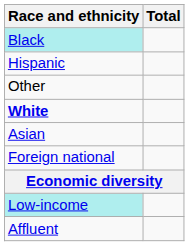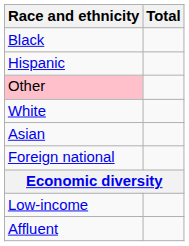 <table class="wikitable floatright sortable collapsible"; text-align:right; font-size:80%;">
 <tr>
 <th>Race and ethnicity</th>
 <th colspan="2" data-sort-type=number>Total</th>
 </tr>
 <tr>
-<td style="background: paleturquoise;"><a href='#'>Black</a></td>
+<td><a href='#'>Black</a></td>
 <td align=right></td>
 </tr>
 <tr>
 <td><a href='#'>Hispanic</a></td>
 <td align=right></td>
 </tr>
 <tr>
-<td>Other</td>
+<td style="background: pink;">Other</td>
 <td align=right></td>
 </tr>
 <tr>
-<td><strong><a href='#'>White</a></strong></td>
+<td><a href='#'>White</a></td>
 <td align=right></td>
 </tr>
 <tr>
 <td><a href='#'>Asian</a></td>
 <td align=right></td>
 </tr>
 <tr>
 <td><a href='#'>Foreign national</a></td>
 <td align=right></td>
 </tr>
 <tr>
 <th colspan="4" data-sort-type=number><a href='#'>Economic diversity</a></th>
 </tr>
 <tr>
-<td style="background: paleturquoise;"><a href='#'>Low-income</a></td>
+<td><a href='#'>Low-income</a></td>
 <td align=right></td>
 </tr>
 <tr>
 <td><a href='#'>Affluent</a></td>
 <td align=right></td>
 </tr>
 </table>
